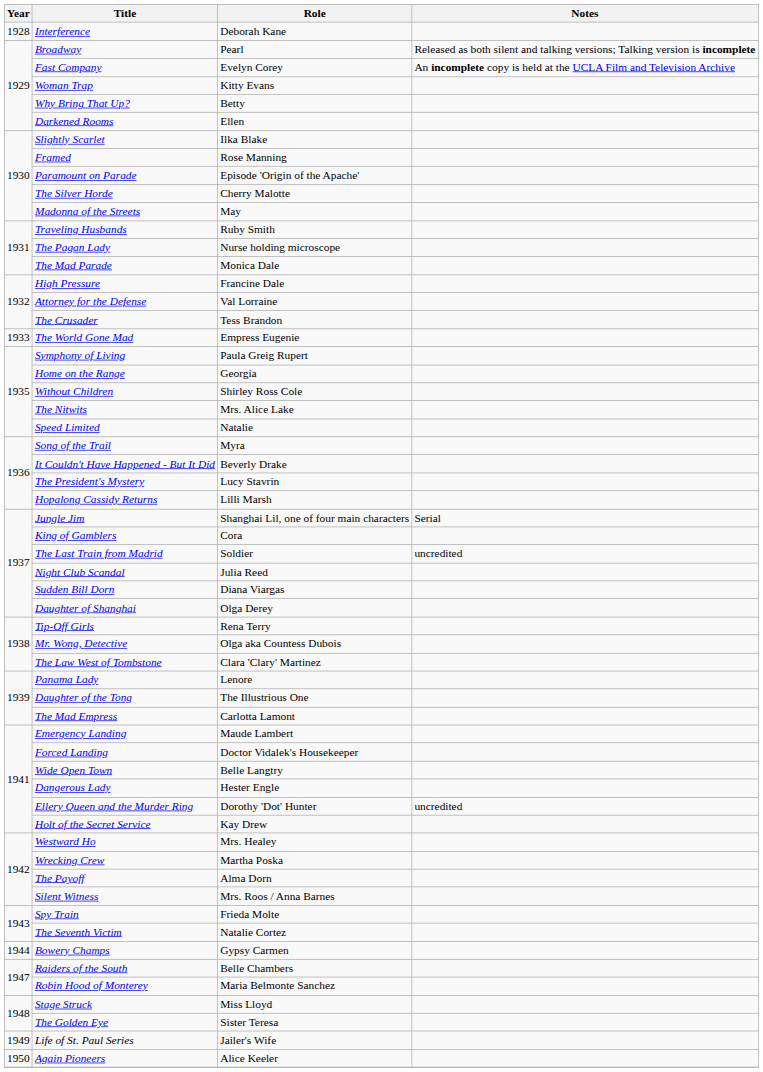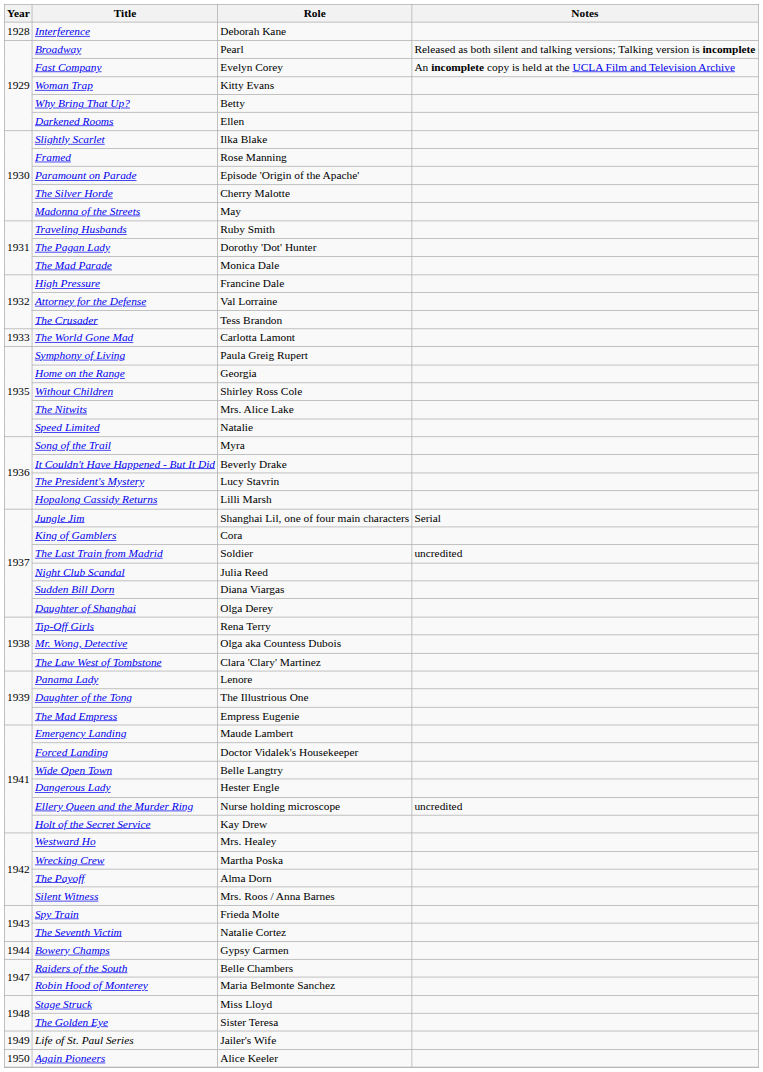 <table class="wikitable plainrowheaders sortable">
 <tr>
 <th scope="col" class="unsortable">Year</th>
 <th scope="col">Title</th>
 <th scope="col">Role</th>
 <th scope="col" class="unsortable">Notes</th>
 </tr>
 <tr>
 <td>1928</td>
 <td><em><a href='#'>Interference</a></em></td>
 <td>Deborah Kane</td>
 <td></td>
 </tr>
 <tr>
 <td rowspan=5>1929</td>
 <td><em><a href='#'>Broadway</a></em></td>
 <td>Pearl</td>
 <td>Released as both silent and talking versions; Talking version is <strong>incomplete</strong></td>
 </tr>
 <tr>
 <td><em><a href='#'>Fast Company</a></em></td>
 <td>Evelyn Corey</td>
 <td>An <strong>incomplete</strong> copy is held at the <a href='#'>UCLA Film and Television Archive</a></td>
 </tr>
 <tr>
 <td><em><a href='#'>Woman Trap</a></em></td>
 <td>Kitty Evans</td>
 <td></td>
 </tr>
 <tr>
 <td><em><a href='#'>Why Bring That Up?</a></em></td>
 <td>Betty</td>
 <td></td>
 </tr>
 <tr>
 <td><em><a href='#'>Darkened Rooms</a></em></td>
 <td>Ellen</td>
 <td></td>
 </tr>
 <tr>
 <td rowspan=5>1930</td>
 <td><em><a href='#'>Slightly Scarlet</a></em></td>
 <td>Ilka Blake</td>
 <td></td>
 </tr>
 <tr>
 <td><em><a href='#'>Framed</a></em></td>
 <td>Rose Manning</td>
 <td></td>
 </tr>
 <tr>
 <td><em><a href='#'>Paramount on Parade</a></em></td>
 <td>Episode 'Origin of the Apache'</td>
 <td></td>
 </tr>
 <tr>
 <td><em><a href='#'>The Silver Horde</a></em></td>
 <td>Cherry Malotte</td>
 <td></td>
 </tr>
 <tr>
 <td><em><a href='#'>Madonna of the Streets</a></em></td>
 <td>May</td>
 <td></td>
 </tr>
 <tr>
 <td rowspan=3>1931</td>
 <td><em><a href='#'>Traveling Husbands</a></em></td>
 <td>Ruby Smith</td>
 <td></td>
 </tr>
 <tr>
 <td><em><a href='#'>The Pagan Lady</a></em></td>
-<td>Nurse holding microscope</td>
+<td>Dorothy 'Dot' Hunter</td>
 <td></td>
 </tr>
 <tr>
 <td><em><a href='#'>The Mad Parade</a></em></td>
 <td>Monica Dale</td>
 <td></td>
 </tr>
 <tr>
 <td rowspan=3>1932</td>
 <td><em><a href='#'>High Pressure</a></em></td>
 <td>Francine Dale</td>
 <td></td>
 </tr>
 <tr>
 <td><em><a href='#'>Attorney for the Defense</a></em></td>
 <td>Val Lorraine</td>
 <td></td>
 </tr>
 <tr>
 <td><em><a href='#'>The Crusader</a></em></td>
 <td>Tess Brandon</td>
 <td></td>
 </tr>
 <tr>
 <td>1933</td>
 <td><em><a href='#'>The World Gone Mad</a></em></td>
-<td>Empress Eugenie</td>
+<td>Carlotta Lamont</td>
 <td></td>
 </tr>
 <tr>
 <td rowspan=5>1935</td>
 <td><em><a href='#'>Symphony of Living</a></em></td>
 <td>Paula Greig Rupert</td>
 <td></td>
 </tr>
 <tr>
 <td><em><a href='#'>Home on the Range</a></em></td>
 <td>Georgia</td>
 <td></td>
 </tr>
 <tr>
 <td><em><a href='#'>Without Children</a></em></td>
 <td>Shirley Ross Cole</td>
 <td></td>
 </tr>
 <tr>
 <td><em><a href='#'>The Nitwits</a></em></td>
 <td>Mrs. Alice Lake</td>
 <td></td>
 </tr>
 <tr>
 <td><em><a href='#'>Speed Limited</a></em></td>
 <td>Natalie</td>
 <td></td>
 </tr>
 <tr>
 <td rowspan=4>1936</td>
 <td><em><a href='#'>Song of the Trail</a></em></td>
 <td>Myra</td>
 <td></td>
 </tr>
 <tr>
 <td><em><a href='#'>It Couldn't Have Happened - But It Did</a></em></td>
 <td>Beverly Drake</td>
 <td></td>
 </tr>
 <tr>
 <td><em><a href='#'>The President's Mystery</a></em></td>
 <td>Lucy Stavrin</td>
 <td></td>
 </tr>
 <tr>
 <td><em><a href='#'>Hopalong Cassidy Returns</a></em></td>
 <td>Lilli Marsh</td>
 <td></td>
 </tr>
 <tr>
 <td rowspan=6>1937</td>
 <td><em><a href='#'>Jungle Jim</a></em></td>
 <td>Shanghai Lil, one of four main characters</td>
 <td>Serial</td>
 </tr>
 <tr>
 <td><em><a href='#'>King of Gamblers</a></em></td>
 <td>Cora</td>
 <td></td>
 </tr>
 <tr>
 <td><em><a href='#'>The Last Train from Madrid</a></em></td>
 <td>Soldier</td>
 <td>uncredited</td>
 </tr>
 <tr>
 <td><em><a href='#'>Night Club Scandal</a></em></td>
 <td>Julia Reed</td>
 <td></td>
 </tr>
 <tr>
 <td><em><a href='#'>Sudden Bill Dorn</a></em></td>
 <td>Diana Viargas</td>
 <td></td>
 </tr>
 <tr>
 <td><em><a href='#'>Daughter of Shanghai</a></em></td>
 <td>Olga Derey</td>
 <td></td>
 </tr>
 <tr>
 <td rowspan=3>1938</td>
 <td><em><a href='#'>Tip-Off Girls</a></em></td>
 <td>Rena Terry</td>
 <td></td>
 </tr>
 <tr>
 <td><em><a href='#'>Mr. Wong, Detective</a></em></td>
 <td>Olga aka Countess Dubois</td>
 <td></td>
 </tr>
 <tr>
 <td><em><a href='#'>The Law West of Tombstone</a></em></td>
 <td>Clara 'Clary' Martinez</td>
 <td></td>
 </tr>
 <tr>
 <td rowspan=3>1939</td>
 <td><em><a href='#'>Panama Lady</a></em></td>
 <td>Lenore</td>
 <td></td>
 </tr>
 <tr>
 <td><em><a href='#'>Daughter of the Tong</a></em></td>
 <td>The Illustrious One</td>
 <td></td>
 </tr>
 <tr>
 <td><em><a href='#'>The Mad Empress</a></em></td>
-<td>Carlotta Lamont</td>
+<td>Empress Eugenie</td>
 <td></td>
 </tr>
 <tr>
 <td rowspan=6>1941</td>
 <td><em><a href='#'>Emergency Landing</a></em></td>
 <td>Maude Lambert</td>
 <td></td>
 </tr>
 <tr>
 <td><em><a href='#'>Forced Landing</a></em></td>
 <td>Doctor Vidalek's Housekeeper</td>
 <td></td>
 </tr>
 <tr>
 <td><em><a href='#'>Wide Open Town</a></em></td>
 <td>Belle Langtry</td>
 <td></td>
 </tr>
 <tr>
 <td><em><a href='#'>Dangerous Lady</a></em></td>
 <td>Hester Engle</td>
 <td></td>
 </tr>
 <tr>
 <td><em><a href='#'>Ellery Queen and the Murder Ring</a></em></td>
-<td>Dorothy 'Dot' Hunter</td>
+<td>Nurse holding microscope</td>
 <td>uncredited</td>
 </tr>
 <tr>
 <td><em><a href='#'>Holt of the Secret Service</a></em></td>
 <td>Kay Drew</td>
 <td></td>
 </tr>
 <tr>
 <td rowspan=4>1942</td>
 <td><em><a href='#'>Westward Ho</a></em></td>
 <td>Mrs. Healey</td>
 <td></td>
 </tr>
 <tr>
 <td><em><a href='#'>Wrecking Crew</a></em></td>
 <td>Martha Poska</td>
 <td></td>
 </tr>
 <tr>
 <td><em><a href='#'>The Payoff</a></em></td>
 <td>Alma Dorn</td>
 <td></td>
 </tr>
 <tr>
 <td><em><a href='#'>Silent Witness</a></em></td>
 <td>Mrs. Roos / Anna Barnes</td>
 <td></td>
 </tr>
 <tr>
 <td rowspan=2>1943</td>
 <td><em><a href='#'>Spy Train</a></em></td>
 <td>Frieda Molte</td>
 <td></td>
 </tr>
 <tr>
 <td><em><a href='#'>The Seventh Victim</a></em></td>
 <td>Natalie Cortez</td>
 <td></td>
 </tr>
 <tr>
 <td>1944</td>
 <td><em><a href='#'>Bowery Champs</a></em></td>
 <td>Gypsy Carmen</td>
 <td></td>
 </tr>
 <tr>
 <td rowspan=2>1947</td>
 <td><em><a href='#'>Raiders of the South</a></em></td>
 <td>Belle Chambers</td>
 <td></td>
 </tr>
 <tr>
 <td><em><a href='#'>Robin Hood of Monterey</a></em></td>
 <td>Maria Belmonte Sanchez</td>
 <td></td>
 </tr>
 <tr>
 <td rowspan=2>1948</td>
 <td><em><a href='#'>Stage Struck</a></em></td>
 <td>Miss Lloyd</td>
 <td></td>
 </tr>
 <tr>
 <td><em><a href='#'>The Golden Eye</a></em></td>
 <td>Sister Teresa</td>
 <td></td>
 </tr>
 <tr>
 <td>1949</td>
 <td><em>Life of St. Paul Series</em></td>
 <td>Jailer's Wife</td>
 <td></td>
 </tr>
 <tr>
 <td>1950</td>
 <td><em><a href='#'>Again Pioneers</a></em></td>
 <td>Alice Keeler</td>
 <td></td>
 </tr>
 <tr>
 </tr>
 </table>
